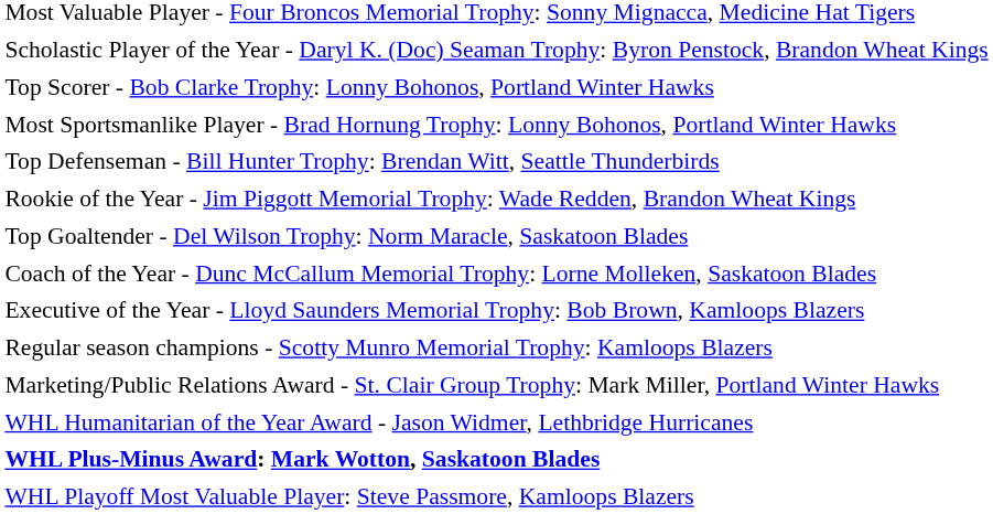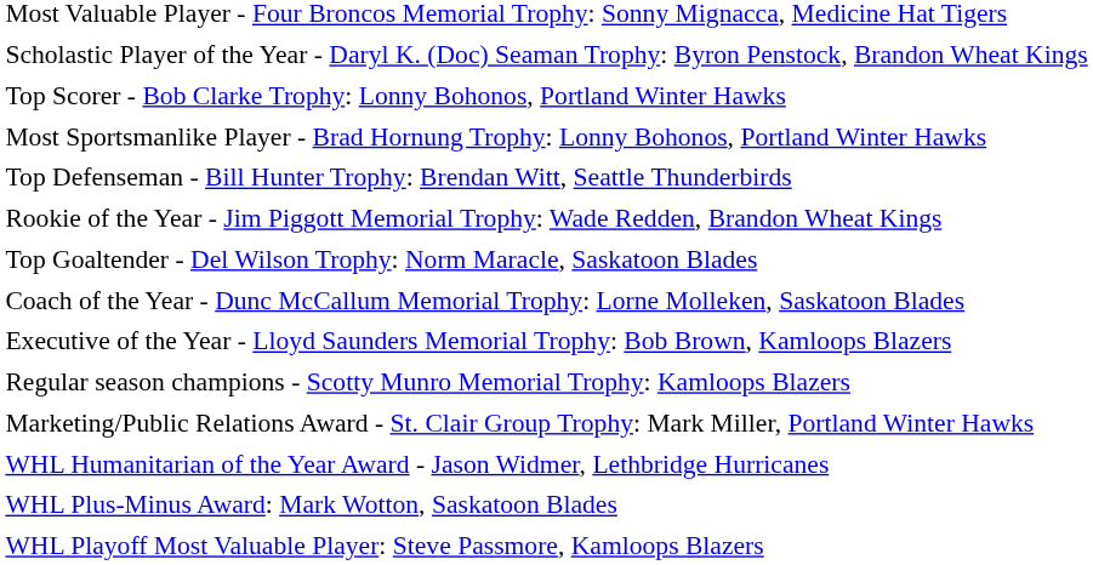 <table cellpadding="3" cellspacing="1">
 <tr>
 <td>Most Valuable Player - <a href='#'>Four Broncos Memorial Trophy</a>: <a href='#'>Sonny Mignacca</a>, <a href='#'>Medicine Hat Tigers</a></td>
 </tr>
 <tr>
 <td>Scholastic Player of the Year - <a href='#'>Daryl K. (Doc) Seaman Trophy</a>: <a href='#'>Byron Penstock</a>, <a href='#'>Brandon Wheat Kings</a></td>
 </tr>
 <tr>
 <td>Top Scorer - <a href='#'>Bob Clarke Trophy</a>: <a href='#'>Lonny Bohonos</a>, <a href='#'>Portland Winter Hawks</a></td>
 </tr>
 <tr>
 <td>Most Sportsmanlike Player - <a href='#'>Brad Hornung Trophy</a>: <a href='#'>Lonny Bohonos</a>, <a href='#'>Portland Winter Hawks</a></td>
 </tr>
 <tr>
 <td>Top Defenseman - <a href='#'>Bill Hunter Trophy</a>: <a href='#'>Brendan Witt</a>, <a href='#'>Seattle Thunderbirds</a></td>
 </tr>
 <tr>
 <td>Rookie of the Year - <a href='#'>Jim Piggott Memorial Trophy</a>: <a href='#'>Wade Redden</a>, <a href='#'>Brandon Wheat Kings</a></td>
 </tr>
 <tr>
 <td>Top Goaltender - <a href='#'>Del Wilson Trophy</a>: <a href='#'>Norm Maracle</a>, <a href='#'>Saskatoon Blades</a></td>
 </tr>
 <tr>
 <td>Coach of the Year - <a href='#'>Dunc McCallum Memorial Trophy</a>: <a href='#'>Lorne Molleken</a>, <a href='#'>Saskatoon Blades</a></td>
 </tr>
 <tr>
 <td>Executive of the Year - <a href='#'>Lloyd Saunders Memorial Trophy</a>: <a href='#'>Bob Brown</a>, <a href='#'>Kamloops Blazers</a></td>
 </tr>
 <tr>
 <td>Regular season champions - <a href='#'>Scotty Munro Memorial Trophy</a>: <a href='#'>Kamloops Blazers</a></td>
 </tr>
 <tr>
 <td>Marketing/Public Relations Award - <a href='#'>St. Clair Group Trophy</a>: Mark Miller, <a href='#'>Portland Winter Hawks</a></td>
 </tr>
 <tr>
 <td><a href='#'>WHL Humanitarian of the Year Award</a> - <a href='#'>Jason Widmer</a>, <a href='#'>Lethbridge Hurricanes</a></td>
 </tr>
 <tr>
-<td><strong><a href='#'>WHL Plus-Minus Award</a>: <a href='#'>Mark Wotton</a>, <a href='#'>Saskatoon Blades</a></strong></td>
+<td><a href='#'>WHL Plus-Minus Award</a>: <a href='#'>Mark Wotton</a>, <a href='#'>Saskatoon Blades</a></td>
 </tr>
 <tr>
 <td><a href='#'>WHL Playoff Most Valuable Player</a>: <a href='#'>Steve Passmore</a>, <a href='#'>Kamloops Blazers</a></td>
 </tr>
 </table>
